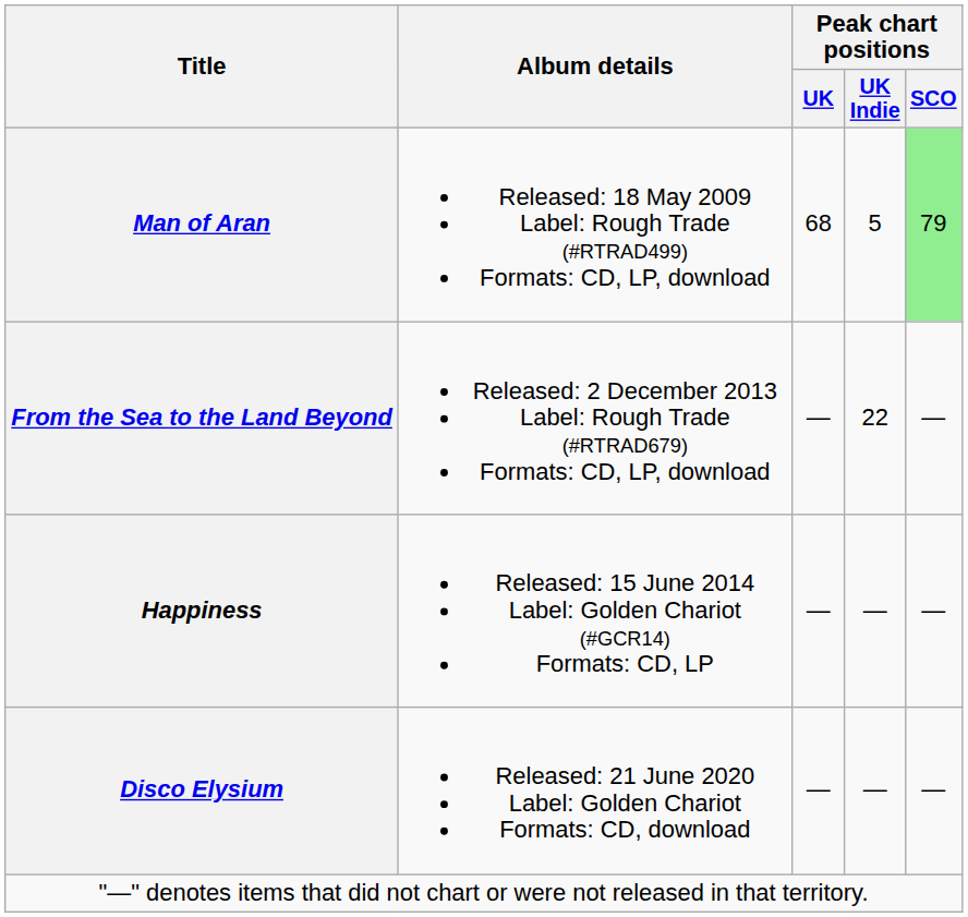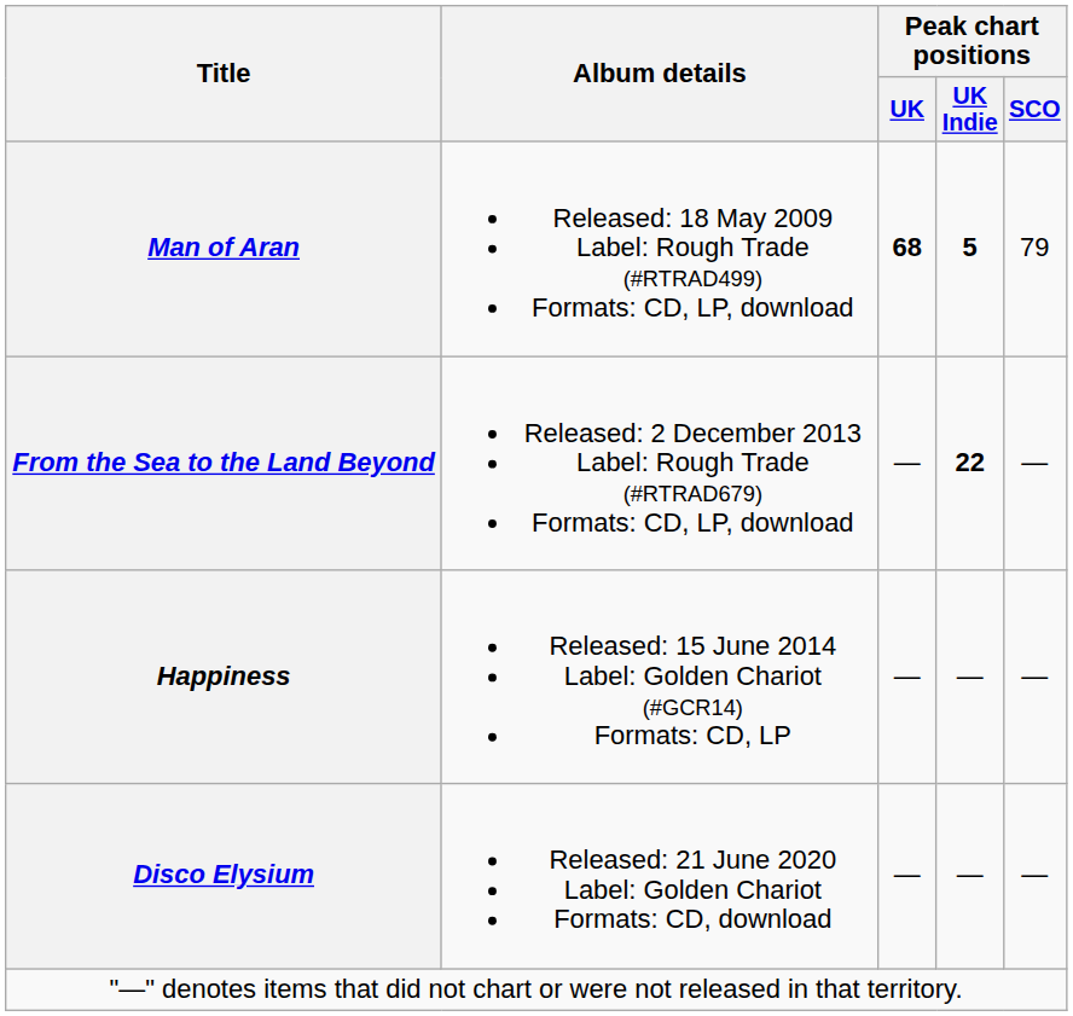 <table class="wikitable plainrowheaders" style="text-align:center;">
 <tr>
 <th scope="col" rowspan="2" style="width:16em;">Title</th>
 <th scope="col" rowspan="2" style="width:16em;">Album details</th>
 <th scope="col" colspan="3">Peak chart positions</th>
 </tr>
 <tr>
 <th style="width:2em;font-size:90%;"><a href='#'>UK</a><br></th>
 <th style="width:2em;font-size:90%;"><a href='#'>UK<br>Indie</a><br></th>
 <th style="width:2em;font-size:90%;"><a href='#'>SCO</a><br></th>
 </tr>
 <tr>
 <th scope="row"><em><a href='#'>Man of Aran</a></em></th>
 <td><br><ul><li>Released: 18 May 2009</li><li>Label: Rough Trade <small>(#RTRAD499)</small></li><li>Formats: CD, LP, download</li></ul></td>
-<td>68</td>
-<td>5</td>
-<td style="background: lightgreen;">79</td>
+<td><strong>68</strong></td>
+<td><strong>5</strong></td>
+<td>79</td>
 </tr>
 <tr>
 <th scope="row"><em><a href='#'>From the Sea to the Land Beyond</a></em></th>
 <td><br><ul><li>Released: 2 December 2013</li><li>Label: Rough Trade <small>(#RTRAD679)</small></li><li>Formats: CD, LP, download</li></ul></td>
 <td>—</td>
-<td>22</td>
+<td><strong>22</strong></td>
 <td>—</td>
 </tr>
 <tr>
 <th scope="row"><em>Happiness</em></th>
 <td><br><ul><li>Released: 15 June 2014</li><li>Label: Golden Chariot <small>(#GCR14)</small></li><li>Formats: CD, LP</li></ul></td>
 <td>—</td>
 <td>—</td>
 <td>—</td>
 </tr>
 <tr>
 <th scope="row"><em><a href='#'>Disco Elysium</a></em></th>
 <td><br><ul><li>Released: 21 June 2020</li><li>Label: Golden Chariot</li><li>Formats: CD, download</li></ul></td>
 <td>—</td>
 <td>—</td>
 <td>—</td>
 </tr>
 <tr>
 <td style="text-align:center;" colspan="15" style="font-size:90%">"—" denotes items that did not chart or were not released in that territory.</td>
 </tr>
 </table>
